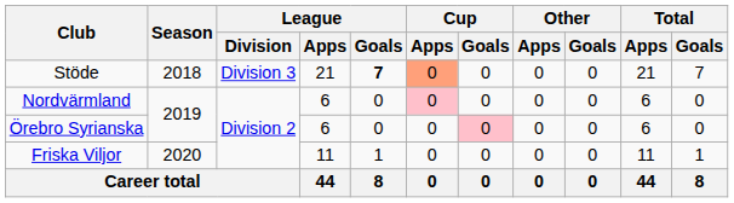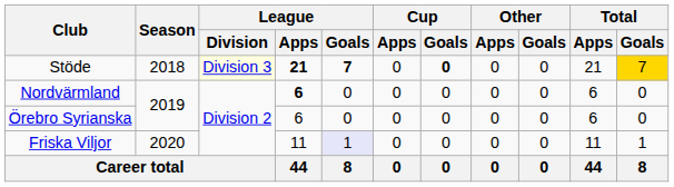 <table class="wikitable" style="text-align: center">
 <tr>
 <th rowspan="2">Club</th>
 <th rowspan="2">Season</th>
 <th colspan="3">League</th>
 <th colspan="2">Cup</th>
 <th colspan="2">Other</th>
 <th colspan="2">Total</th>
 </tr>
 <tr>
 <th>Division</th>
 <th>Apps</th>
 <th>Goals</th>
 <th>Apps</th>
 <th>Goals</th>
 <th>Apps</th>
 <th>Goals</th>
 <th>Apps</th>
 <th>Goals</th>
 </tr>
 <tr>
 <td>Stöde</td>
 <td>2018</td>
-<td><a href='#'>Division 3</a></td>
-<td>21</td>
+<td style="background: lightyellow;"><a href='#'>Division 3</a></td>
+<td><strong>21</strong></td>
 <td><strong>7</strong></td>
-<td style="background: lightsalmon;">0</td>
 <td>0</td>
+<td><strong>0</strong></td>
 <td>0</td>
 <td>0</td>
 <td>21</td>
-<td>7</td>
+<td style="background: gold;">7</td>
 </tr>
 <tr>
 <td><a href='#'>Nordvärmland</a></td>
 <td rowspan="2">2019</td>
 <td rowspan="3"><a href='#'>Division 2</a></td>
-<td>6</td>
+<td><strong>6</strong></td>
 <td>0</td>
-<td style="background: pink;">0</td>
+<td>0</td>
 <td>0</td>
 <td>0</td>
 <td>0</td>
 <td>6</td>
 <td>0</td>
 </tr>
 <tr>
 <td><a href='#'>Örebro Syrianska</a></td>
 <td>6</td>
 <td>0</td>
 <td>0</td>
-<td style="background: pink;">0</td>
+<td>0</td>
 <td>0</td>
 <td>0</td>
 <td>6</td>
 <td>0</td>
 </tr>
 <tr>
 <td><a href='#'>Friska Viljor</a></td>
 <td>2020</td>
 <td>11</td>
-<td>1</td>
+<td style="background: lavender;">1</td>
 <td>0</td>
 <td>0</td>
 <td>0</td>
 <td>0</td>
 <td>11</td>
 <td>1</td>
 </tr>
 <tr>
 <th colspan="3"><strong>Career total</strong></th>
 <th>44</th>
 <th>8</th>
 <th>0</th>
 <th>0</th>
 <th>0</th>
 <th>0</th>
 <th>44</th>
 <th>8</th>
 </tr>
 </table>
